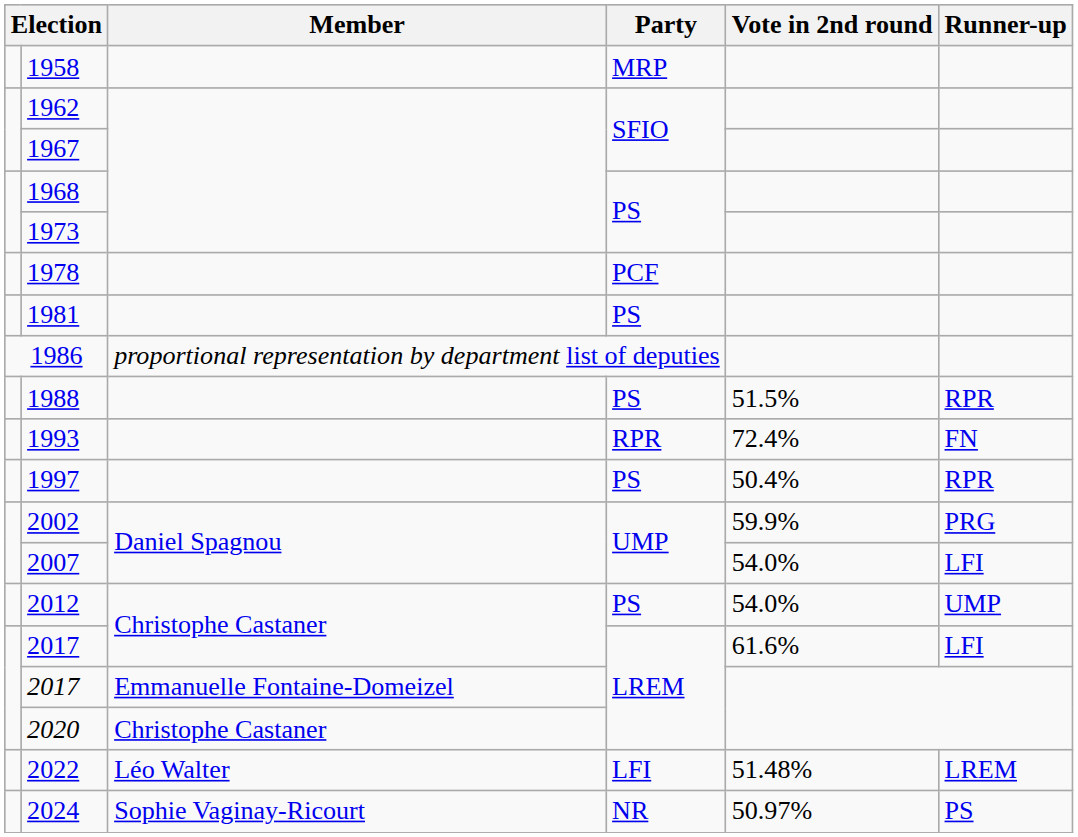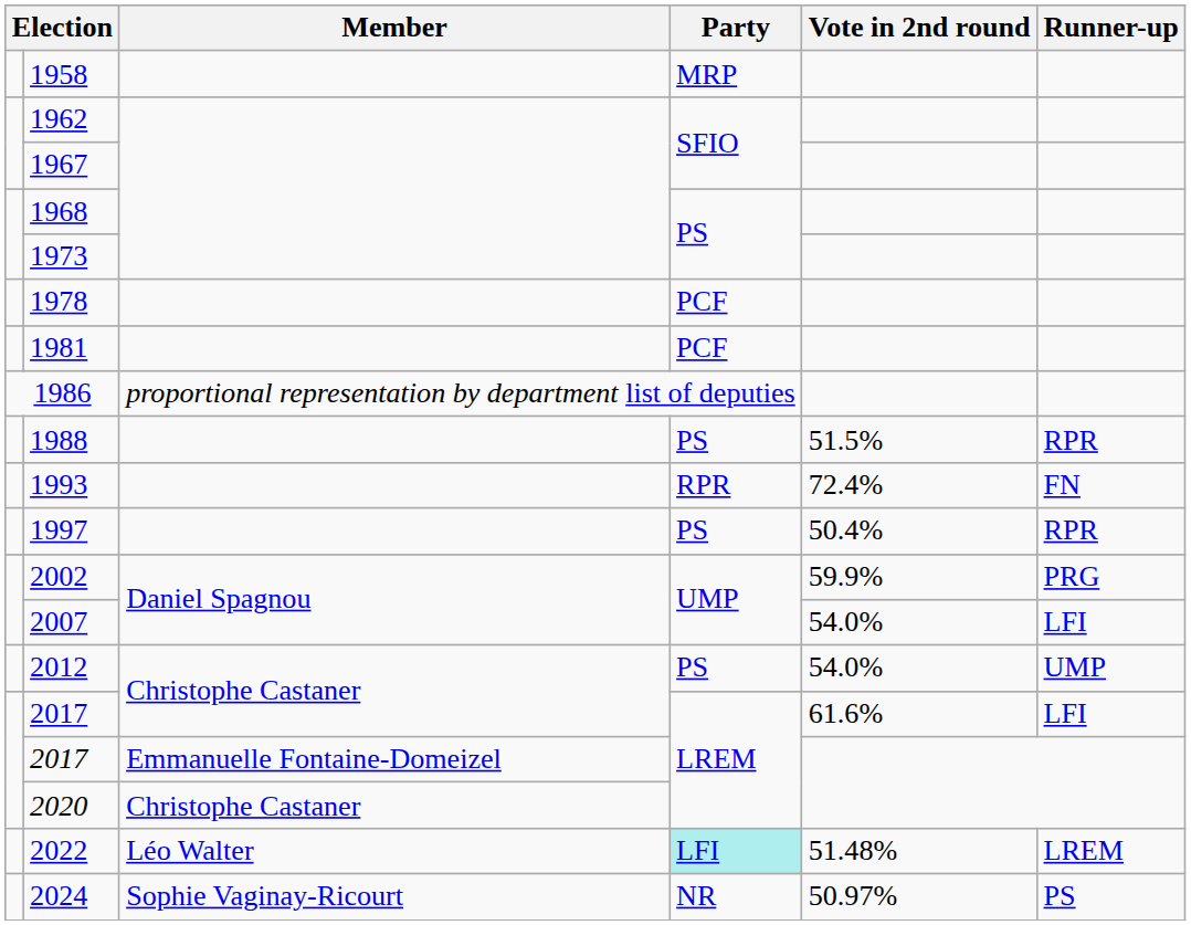 <table class="wikitable">
 <tr>
 <th colspan="2">Election</th>
 <th>Member</th>
 <th>Party</th>
 <th>Vote in 2nd round</th>
 <th>Runner-up</th>
 </tr>
 <tr>
 <td style="color:inherit;background-color: "></td>
 <td><a href='#'>1958</a></td>
 <td></td>
 <td><a href='#'>MRP</a></td>
 <td></td>
 <td></td>
 </tr>
 <tr>
 <td rowspan="2" style="background-color: "></td>
 <td><a href='#'>1962</a></td>
 <td rowspan="4"></td>
 <td rowspan="2"><a href='#'>SFIO</a></td>
 <td></td>
 <td></td>
 </tr>
 <tr>
 <td><a href='#'>1967</a></td>
 <td></td>
 <td></td>
 </tr>
 <tr>
 <td rowspan="2" style="background-color: "></td>
 <td><a href='#'>1968</a></td>
 <td rowspan="2"><a href='#'>PS</a></td>
 <td></td>
 <td></td>
 </tr>
 <tr>
 <td><a href='#'>1973</a></td>
 <td></td>
 <td></td>
 </tr>
 <tr>
 <td style="color:inherit;background-color: "></td>
 <td><a href='#'>1978</a></td>
 <td></td>
 <td><a href='#'>PCF</a></td>
 <td></td>
 <td></td>
 </tr>
 <tr>
 <td style="color:inherit;background-color: "></td>
 <td><a href='#'>1981</a></td>
 <td></td>
-<td><a href='#'>PS</a></td>
+<td><a href='#'>PCF</a></td>
 <td></td>
 <td></td>
 </tr>
 <tr>
 <td colspan="2" align="center"><a href='#'>1986</a></td>
 <td colspan="2"><em>proportional representation by department</em> <a href='#'>list of deputies</a></td>
 <td></td>
 <td></td>
 </tr>
 <tr>
 <td style="color:inherit;background-color: "></td>
 <td><a href='#'>1988</a></td>
 <td></td>
 <td><a href='#'>PS</a></td>
 <td>51.5%</td>
 <td><a href='#'>RPR</a></td>
 </tr>
 <tr>
 <td style="color:inherit;background-color: "></td>
 <td><a href='#'>1993</a></td>
 <td></td>
 <td><a href='#'>RPR</a></td>
 <td>72.4%</td>
 <td><a href='#'>FN</a></td>
 </tr>
 <tr>
 <td style="color:inherit;background-color: "></td>
 <td><a href='#'>1997</a></td>
 <td></td>
 <td><a href='#'>PS</a></td>
 <td>50.4%</td>
 <td><a href='#'>RPR</a></td>
 </tr>
 <tr>
 <td rowspan="2" style="background-color: "></td>
 <td><a href='#'>2002</a></td>
 <td rowspan="2"><a href='#'>Daniel Spagnou</a></td>
 <td rowspan="2"><a href='#'>UMP</a></td>
 <td>59.9%</td>
 <td><a href='#'>PRG</a></td>
 </tr>
 <tr>
 <td><a href='#'>2007</a></td>
 <td>54.0%</td>
 <td><a href='#'>LFI</a></td>
 </tr>
 <tr>
 <td style="color:inherit;background-color: "></td>
 <td><a href='#'>2012</a></td>
 <td rowspan="2"><a href='#'>Christophe Castaner</a></td>
 <td><a href='#'>PS</a></td>
 <td>54.0%</td>
 <td><a href='#'>UMP</a></td>
 </tr>
 <tr>
 <td rowspan=3 style="background-color: "></td>
 <td><a href='#'>2017</a></td>
 <td rowspan=3><a href='#'>LREM</a></td>
 <td>61.6%</td>
 <td><a href='#'>LFI</a></td>
 </tr>
 <tr>
 <td><em>2017</em></td>
 <td><a href='#'>Emmanuelle Fontaine-Domeizel</a></td>
 </tr>
 <tr>
 <td><em>2020</em></td>
 <td><a href='#'>Christophe Castaner</a></td>
 </tr>
 <tr>
 <td style="color:inherit;background-color: "></td>
 <td><a href='#'>2022</a></td>
 <td><a href='#'>Léo Walter</a></td>
-<td><a href='#'>LFI</a></td>
+<td style="background: paleturquoise;"><a href='#'>LFI</a></td>
 <td>51.48%</td>
 <td><a href='#'>LREM</a></td>
 </tr>
 <tr>
 <td style="color:inherit;background-color: "></td>
 <td><a href='#'>2024</a></td>
 <td><a href='#'>Sophie Vaginay-Ricourt</a></td>
 <td><a href='#'>NR</a></td>
 <td>50.97%</td>
 <td><a href='#'>PS</a></td>
 </tr>
 </table>
